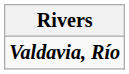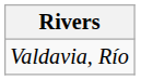 <table class="wikitable" align=>
 <tr>
 <th colspan="1">Rivers</th>
 </tr>
 <tr>
-<td><strong><em>Valdavia, Río</em></strong></td>
+<td><em>Valdavia, Río</em></td>
 </tr>
 </table>
